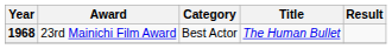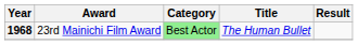 <table class="wikitable plainrowheaders sortable" style="font-size:100%">
 <tr>
 <th scope="col">Year</th>
 <th scope="col">Award</th>
 <th scope="col">Category</th>
 <th scope="col">Title</th>
 <th scope="col">Result</th>
 </tr>
 <tr>
 <th scope="row">1968</th>
 <td>23rd <a href='#'>Mainichi Film Award</a></td>
-<td>Best Actor</td>
+<td style="background: lightgreen;">Best Actor</td>
 <td><em><a href='#'>The Human Bullet</a></em></td>
 <td></td>
 </tr>
 <tr>
 </tr>
 </table>
